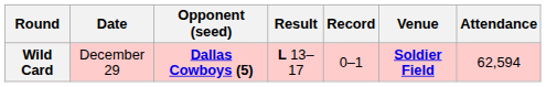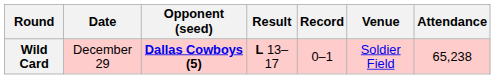 <table class="wikitable" style="text-align:center">
 <tr>
 <th>Round</th>
 <th>Date</th>
 <th>Opponent (seed)</th>
 <th>Result</th>
 <th>Record</th>
 <th>Venue</th>
 <th>Attendance</th>
 </tr>
 <tr style="background:#fcc">
 <th>Wild Card</th>
 <td>December 29</td>
 <td><strong><a href='#'>Dallas Cowboys</a> (5)</strong></td>
 <td><strong>L</strong> 13–17</td>
 <td>0–1</td>
-<td><strong><a href='#'>Soldier Field</a></strong></td>
-<td>62,594</td>
+<td><a href='#'>Soldier Field</a></td>
+<td>65,238</td>
 </tr>
 </table>
